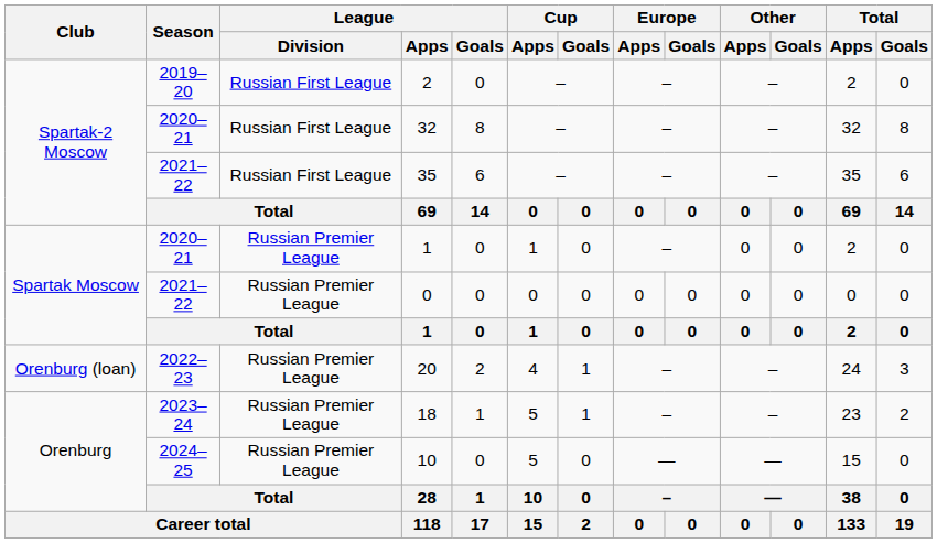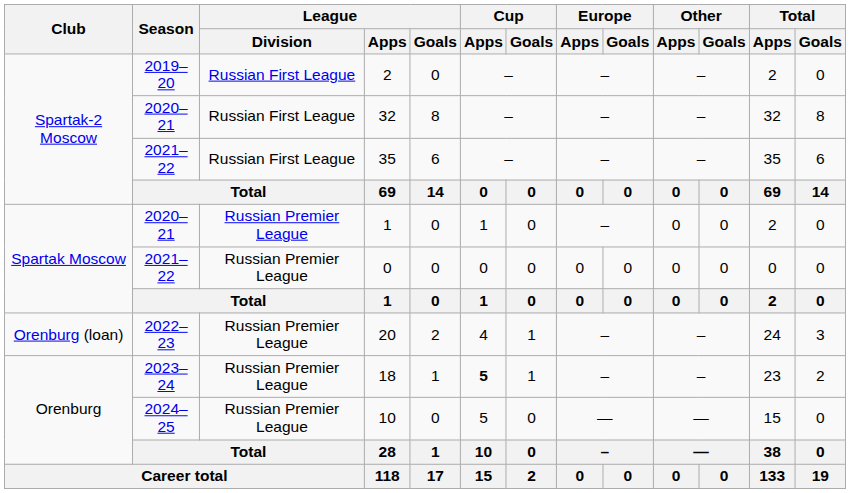 <table class="wikitable" style="text-align: center;">
 <tr>
 <th rowspan="2">Club</th>
 <th rowspan="2">Season</th>
 <th colspan="3">League</th>
 <th colspan="2">Cup</th>
 <th colspan="2">Europe</th>
 <th colspan="2">Other</th>
 <th colspan="2">Total</th>
 </tr>
 <tr>
 <th>Division</th>
 <th>Apps</th>
 <th>Goals</th>
 <th>Apps</th>
 <th>Goals</th>
 <th>Apps</th>
 <th>Goals</th>
 <th>Apps</th>
 <th>Goals</th>
 <th>Apps</th>
 <th>Goals</th>
 </tr>
 <tr>
 <td rowspan="4"><a href='#'>Spartak-2 Moscow</a></td>
 <td><a href='#'>2019–20</a></td>
 <td><a href='#'>Russian First League</a></td>
 <td>2</td>
 <td>0</td>
 <td colspan=2>–</td>
 <td colspan=2>–</td>
 <td colspan=2>–</td>
 <td>2</td>
 <td>0</td>
 </tr>
 <tr>
 <td><a href='#'>2020–21</a></td>
 <td>Russian First League</td>
 <td>32</td>
 <td>8</td>
 <td colspan=2>–</td>
 <td colspan=2>–</td>
 <td colspan=2>–</td>
 <td>32</td>
 <td>8</td>
 </tr>
 <tr>
 <td><a href='#'>2021–22</a></td>
 <td>Russian First League</td>
 <td>35</td>
 <td>6</td>
 <td colspan=2>–</td>
 <td colspan=2>–</td>
 <td colspan=2>–</td>
 <td>35</td>
 <td>6</td>
 </tr>
 <tr>
 <th colspan=2>Total</th>
 <th>69</th>
 <th>14</th>
 <th>0</th>
 <th>0</th>
 <th>0</th>
 <th>0</th>
 <th>0</th>
 <th>0</th>
 <th>69</th>
 <th>14</th>
 </tr>
 <tr>
 <td rowspan="3"><a href='#'>Spartak Moscow</a></td>
 <td><a href='#'>2020–21</a></td>
 <td><a href='#'>Russian Premier League</a></td>
 <td>1</td>
 <td>0</td>
 <td>1</td>
 <td>0</td>
 <td colspan=2>–</td>
 <td>0</td>
 <td>0</td>
 <td>2</td>
 <td>0</td>
 </tr>
 <tr>
 <td><a href='#'>2021–22</a></td>
 <td>Russian Premier League</td>
 <td>0</td>
 <td>0</td>
 <td>0</td>
 <td>0</td>
 <td>0</td>
 <td>0</td>
 <td>0</td>
 <td>0</td>
 <td>0</td>
 <td>0</td>
 </tr>
 <tr>
 <th colspan=2>Total</th>
 <th>1</th>
 <th>0</th>
 <th>1</th>
 <th>0</th>
 <th>0</th>
 <th>0</th>
 <th>0</th>
 <th>0</th>
 <th>2</th>
 <th>0</th>
 </tr>
 <tr>
 <td><a href='#'>Orenburg</a> (loan)</td>
 <td><a href='#'>2022–23</a></td>
 <td>Russian Premier League</td>
 <td>20</td>
 <td>2</td>
 <td>4</td>
 <td>1</td>
 <td colspan=2>–</td>
 <td colspan=2>–</td>
 <td>24</td>
 <td>3</td>
 </tr>
 <tr>
 <td rowspan="3">Orenburg</td>
 <td><a href='#'>2023–24</a></td>
 <td>Russian Premier League</td>
 <td>18</td>
 <td>1</td>
-<td>5</td>
+<td><strong>5</strong></td>
 <td>1</td>
 <td colspan=2>–</td>
 <td colspan=2>–</td>
 <td>23</td>
 <td>2</td>
 </tr>
 <tr>
 <td><a href='#'>2024–25</a></td>
 <td>Russian Premier League</td>
 <td>10</td>
 <td>0</td>
 <td>5</td>
 <td>0</td>
 <td colspan="2">—</td>
 <td colspan="2">—</td>
 <td>15</td>
 <td>0</td>
 </tr>
 <tr>
 <th colspan="2">Total</th>
 <th>28</th>
 <th>1</th>
 <th>10</th>
 <th>0</th>
 <th colspan="2">–</th>
 <th colspan="2">—</th>
 <th>38</th>
 <th>0</th>
 </tr>
 <tr>
 <th colspan="3">Career total</th>
 <th>118</th>
 <th>17</th>
 <th>15</th>
 <th>2</th>
 <th>0</th>
 <th>0</th>
 <th>0</th>
 <th>0</th>
 <th>133</th>
 <th>19</th>
 </tr>
 </table>
